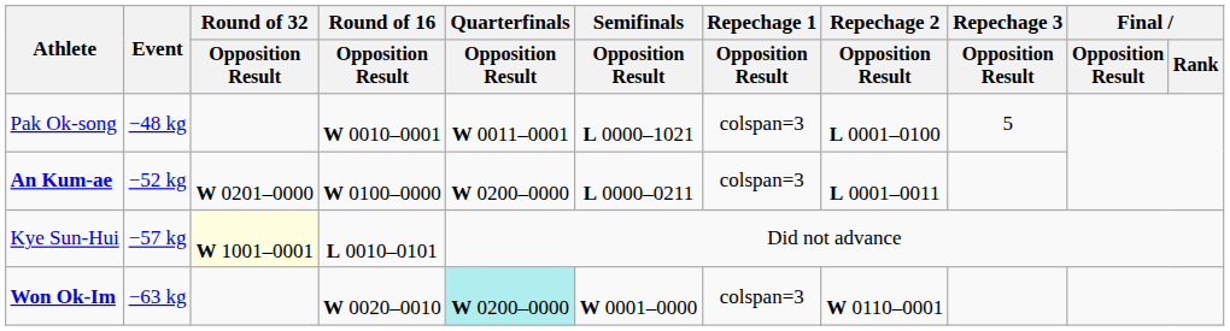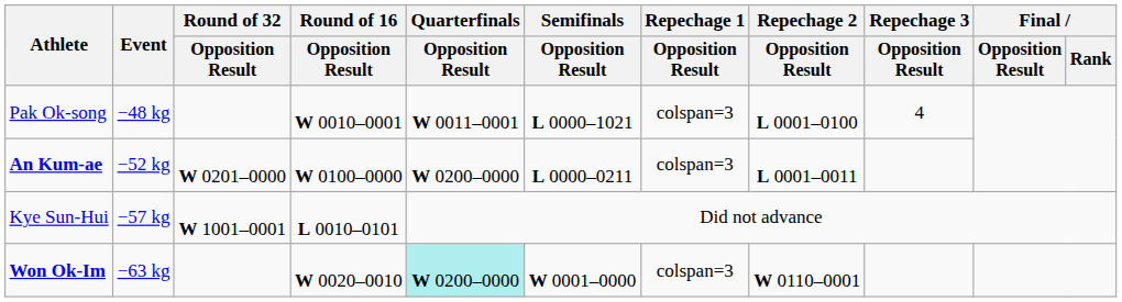 <table class="wikitable" style="font-size:90%">
 <tr>
 <th rowspan="2">Athlete</th>
 <th rowspan="2">Event</th>
 <th>Round of 32</th>
 <th>Round of 16</th>
 <th>Quarterfinals</th>
 <th>Semifinals</th>
 <th>Repechage 1</th>
 <th>Repechage 2</th>
 <th>Repechage 3</th>
 <th colspan=2>Final / </th>
 </tr>
 <tr style="font-size:95%">
 <th>Opposition<br>Result</th>
 <th>Opposition<br>Result</th>
 <th>Opposition<br>Result</th>
 <th>Opposition<br>Result</th>
 <th>Opposition<br>Result</th>
 <th>Opposition<br>Result</th>
 <th>Opposition<br>Result</th>
 <th>Opposition<br>Result</th>
 <th>Rank</th>
 </tr>
 <tr align=center>
 <td align=left><a href='#'>Pak Ok-song</a></td>
 <td align=left><a href='#'>−48 kg</a></td>
 <td></td>
 <td><br><strong>W</strong> 0010–0001</td>
 <td><br><strong>W</strong> 0011–0001</td>
 <td><br><strong>L</strong> 0000–1021</td>
 <td>colspan=3 </td>
 <td><br><strong>L</strong> 0001–0100</td>
-<td>5</td>
+<td>4</td>
 </tr>
 <tr align=center>
 <td align=left><strong><a href='#'>An Kum-ae</a></strong></td>
 <td align=left><a href='#'>−52 kg</a></td>
 <td><br><strong>W</strong> 0201–0000</td>
 <td><br><strong>W</strong> 0100–0000</td>
 <td><br><strong>W</strong> 0200–0000</td>
 <td><br><strong>L</strong> 0000–0211</td>
 <td>colspan=3 </td>
 <td> <br><strong>L</strong> 0001–0011</td>
 <td></td>
 </tr>
 <tr align=center>
 <td align=left><a href='#'>Kye Sun-Hui</a></td>
 <td align=left><a href='#'>−57 kg</a></td>
-<td style="background: lightyellow;"><br><strong>W</strong> 1001–0001</td>
+<td><br><strong>W</strong> 1001–0001</td>
 <td><br><strong>L</strong> 0010–0101</td>
 <td colspan=7>Did not advance</td>
 </tr>
 <tr align=center>
 <td align=left><strong><a href='#'>Won Ok-Im</a></strong></td>
 <td align=left><a href='#'>−63 kg</a></td>
 <td></td>
 <td><br><strong>W</strong> 0020–0010</td>
 <td style="background: paleturquoise;"><br><strong>W</strong> 0200–0000</td>
 <td><br><strong>W</strong> 0001–0000</td>
 <td>colspan=3 </td>
 <td><br><strong>W</strong> 0110–0001</td>
 <td></td>
 </tr>
 </table>
